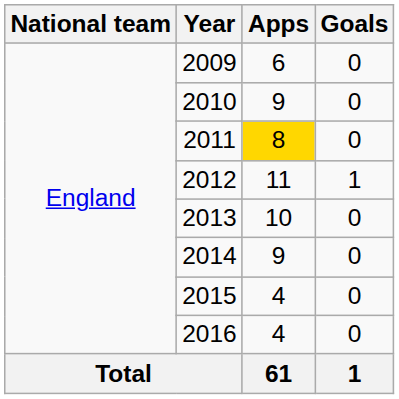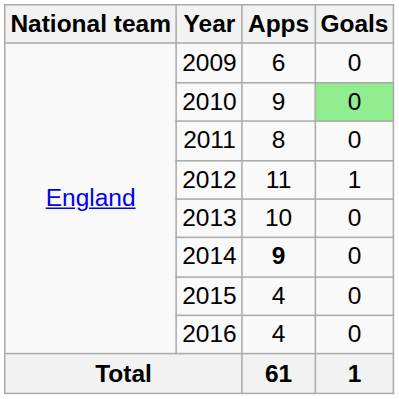 <table class="wikitable" style="text-align: center;">
 <tr>
 <th>National team</th>
 <th>Year</th>
 <th>Apps</th>
 <th>Goals</th>
 </tr>
 <tr>
 <td rowspan="8"><a href='#'>England</a></td>
 <td>2009</td>
 <td>6</td>
 <td>0</td>
 </tr>
 <tr>
 <td>2010</td>
 <td>9</td>
-<td>0</td>
+<td style="background: lightgreen;">0</td>
 </tr>
 <tr>
 <td>2011</td>
-<td style="background: gold;">8</td>
+<td>8</td>
 <td>0</td>
 </tr>
 <tr>
 <td>2012</td>
 <td>11</td>
 <td>1</td>
 </tr>
 <tr>
 <td>2013</td>
 <td>10</td>
 <td>0</td>
 </tr>
 <tr>
 <td>2014</td>
-<td>9</td>
+<td><strong>9</strong></td>
 <td>0</td>
 </tr>
 <tr>
 <td>2015</td>
 <td>4</td>
 <td>0</td>
 </tr>
 <tr>
 <td>2016</td>
 <td>4</td>
 <td>0</td>
 </tr>
 <tr>
 <th colspan="2">Total</th>
 <th>61</th>
 <th>1</th>
 </tr>
 </table>
